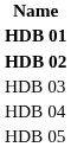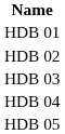 <table>
 <tr>
 <th>Name</th>
 </tr>
 <tr>
-<td><strong>HDB 01</strong></td>
+<td>HDB 01</td>
 </tr>
 <tr>
-<td><strong>HDB 02</strong></td>
+<td>HDB 02</td>
 </tr>
 <tr>
 <td>HDB 03</td>
 </tr>
 <tr>
 <td>HDB 04</td>
 </tr>
 <tr>
 <td>HDB 05</td>
 </tr>
 </table>
